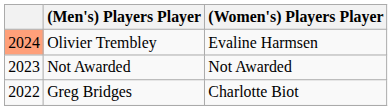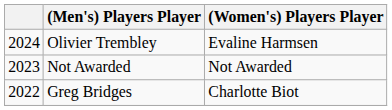 <table class="wikitable">
 <tr>
 <th></th>
 <th><strong>(Men's) Players Player</strong></th>
 <th><strong>(Women's) Players Player</strong></th>
 </tr>
 <tr>
-<td style="background: lightsalmon;">2024</td>
+<td>2024</td>
 <td>Olivier Trembley</td>
 <td>Evaline Harmsen</td>
 </tr>
 <tr>
 <td>2023</td>
 <td>Not Awarded</td>
 <td>Not Awarded</td>
 </tr>
 <tr>
 <td>2022</td>
 <td>Greg Bridges</td>
 <td>Charlotte Biot</td>
 </tr>
 <tr>
 </tr>
 </table>
